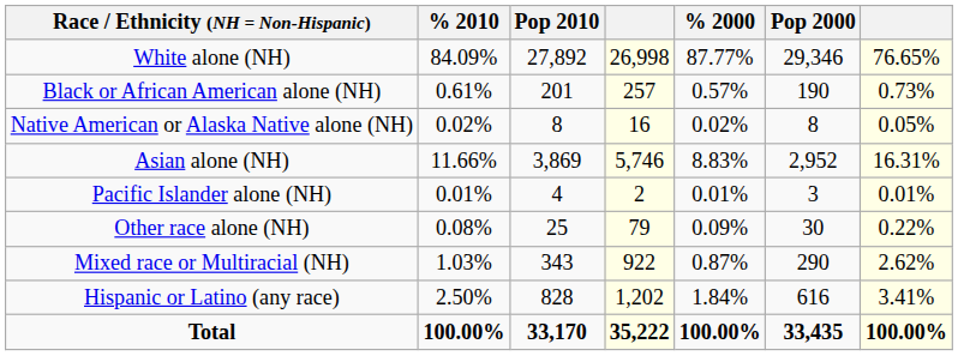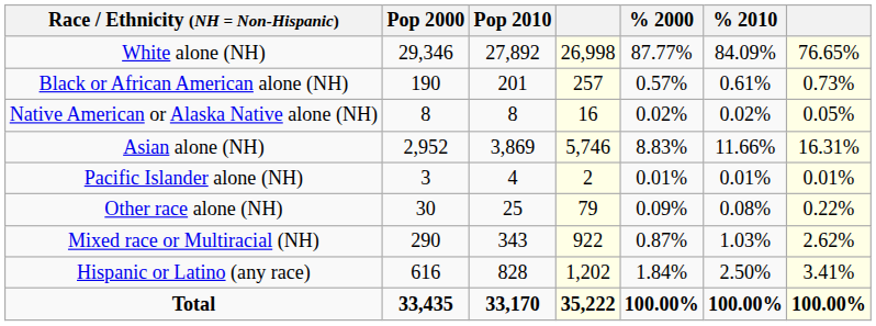 <table class="wikitable" style="text-align:center;">
 <tr>
 <th>Race / Ethnicity <small>(<em>NH = Non-Hispanic</em>)</small></th>
-<th>% 2010</th>
+<th>Pop 2000</th>
 <th>Pop 2010</th>
 <th></th>
 <th>% 2000</th>
-<th>Pop 2000</th>
+<th>% 2010</th>
 <th></th>
 </tr>
 <tr>
 <td><a href='#'>White</a> alone (NH)</td>
-<td>84.09%</td>
+<td>29,346</td>
 <td>27,892</td>
 <td style='background: #ffffe6;'>26,998</td>
 <td>87.77%</td>
-<td>29,346</td>
+<td>84.09%</td>
 <td style='background: #ffffe6;'>76.65%</td>
 </tr>
 <tr>
 <td><a href='#'>Black or African American</a> alone (NH)</td>
-<td>0.61%</td>
+<td>190</td>
 <td>201</td>
 <td style='background: #ffffe6;'>257</td>
 <td>0.57%</td>
-<td>190</td>
+<td>0.61%</td>
 <td style='background: #ffffe6;'>0.73%</td>
 </tr>
 <tr>
 <td><a href='#'>Native American</a> or <a href='#'>Alaska Native</a> alone (NH)</td>
-<td>0.02%</td>
+<td>8</td>
 <td>8</td>
 <td style='background: #ffffe6;'>16</td>
 <td>0.02%</td>
-<td>8</td>
+<td>0.02%</td>
 <td style='background: #ffffe6;'>0.05%</td>
 </tr>
 <tr>
 <td><a href='#'>Asian</a> alone (NH)</td>
-<td>11.66%</td>
+<td>2,952</td>
 <td>3,869</td>
 <td style='background: #ffffe6;'>5,746</td>
 <td>8.83%</td>
-<td>2,952</td>
+<td>11.66%</td>
 <td style='background: #ffffe6;'>16.31%</td>
 </tr>
 <tr>
 <td><a href='#'>Pacific Islander</a> alone (NH)</td>
-<td>0.01%</td>
+<td>3</td>
 <td>4</td>
 <td style='background: #ffffe6;'>2</td>
 <td>0.01%</td>
-<td>3</td>
+<td>0.01%</td>
 <td style='background: #ffffe6;'>0.01%</td>
 </tr>
 <tr>
 <td><a href='#'>Other race</a> alone (NH)</td>
-<td>0.08%</td>
+<td>30</td>
 <td>25</td>
 <td style='background: #ffffe6;'>79</td>
 <td>0.09%</td>
-<td>30</td>
+<td>0.08%</td>
 <td style='background: #ffffe6;'>0.22%</td>
 </tr>
 <tr>
 <td><a href='#'>Mixed race or Multiracial</a> (NH)</td>
-<td>1.03%</td>
+<td>290</td>
 <td>343</td>
 <td style='background: #ffffe6;'>922</td>
 <td>0.87%</td>
-<td>290</td>
+<td>1.03%</td>
 <td style='background: #ffffe6;'>2.62%</td>
 </tr>
 <tr>
 <td><a href='#'>Hispanic or Latino</a> (any race)</td>
-<td>2.50%</td>
+<td>616</td>
 <td>828</td>
 <td style='background: #ffffe6;'>1,202</td>
 <td>1.84%</td>
-<td>616</td>
+<td>2.50%</td>
 <td style='background: #ffffe6;'>3.41%</td>
 </tr>
 <tr>
 <td><strong>Total</strong></td>
-<td><strong>100.00%</strong></td>
+<td><strong>33,435</strong></td>
 <td><strong>33,170</strong></td>
 <td style='background: #ffffe6;'><strong>35,222</strong></td>
 <td><strong>100.00%</strong></td>
-<td><strong>33,435</strong></td>
+<td><strong>100.00%</strong></td>
 <td style='background: #ffffe6;'><strong>100.00%</strong></td>
 </tr>
 </table>
